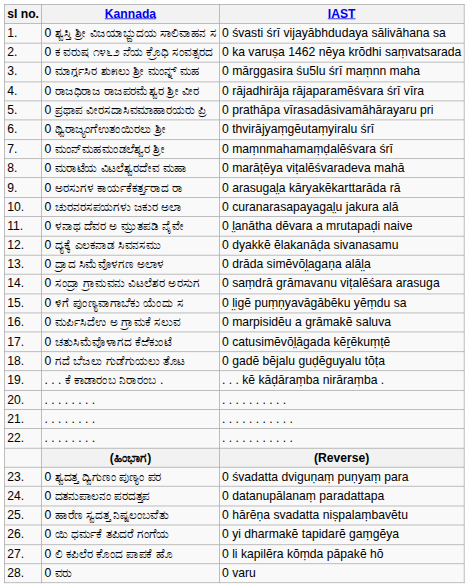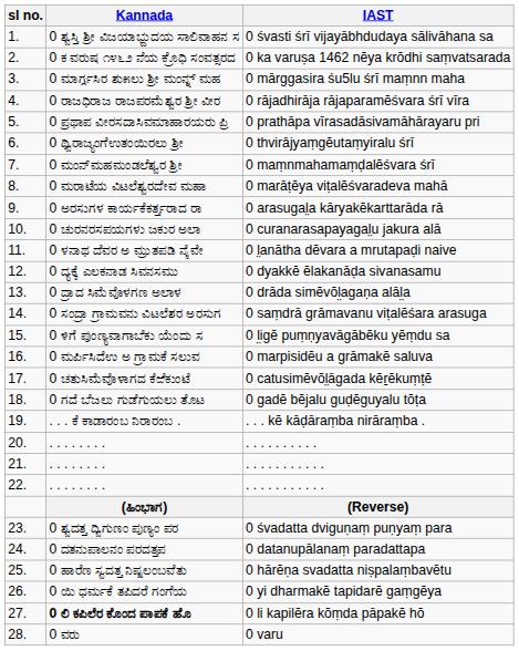 <table class="wikitable">
 <tr>
 <th>sl no.</th>
 <th><a href='#'>Kannada</a></th>
 <th><a href='#'>IAST</a></th>
 </tr>
 <tr>
 <td>1.</td>
 <td>0 ಶ್ವಸ್ತಿ ಶ್ರೀ ವಿಜಯಾಭ್ದುದಯ ಸಾಲಿವಾಹನ ಸ</td>
 <td>0 śvasti śrī vijayābhdudaya sālivāhana sa</td>
 </tr>
 <tr>
 <td>2.</td>
 <td>0 ಕ ವರುಷ ೧೪೬೨ ನೆಯ ಕ್ರೊಧಿ ಸಂವತ್ಸರದ</td>
 <td>0 ka varuṣa 1462 nĕya krŏdhi saṃvatsarada</td>
 </tr>
 <tr>
 <td>3.</td>
 <td>0 ಮಾರ್ಗ್ಗಸಿರ ಶು೫ಲು ಶ್ರೀ ಮಂನ್ನ್ ಮಹ</td>
 <td>0 mārggasira śu5lu śrī maṃnn maha</td>
 </tr>
 <tr>
 <td>4.</td>
 <td>0 ರಾಜಧಿರಾಜ ರಾಜಪರಮೆಶ್ವರ ಶ್ರೀ ವೀರ</td>
 <td>0 rājadhirāja rājaparamĕśvara śrī vīra</td>
 </tr>
 <tr>
 <td>5.</td>
 <td>0 ಪ್ರಥಾಪ ವೀರಸದಾಸಿವಮಾಹಾರಯರು ಪ್ರಿ</td>
 <td>0 prathāpa vīrasadāsivamāhārayaru pri</td>
 </tr>
 <tr>
 <td>6.</td>
 <td>0 ‌ಥ್ವಿರಾಜ್ಯಂಗೆಉತಂಯಿರಲು ಶ್ರೀ</td>
 <td>0 thvirājyaṃgĕutaṃyiralu śrī</td>
 </tr>
 <tr>
 <td>7.</td>
 <td>0 ಮಂನ್‌ಮಹಮಂಡಲೆಶ್ವರ ಶ್ರೀ</td>
 <td>0 maṃnmahamaṃḍalĕśvara śrī</td>
 </tr>
 <tr>
 <td>8.</td>
 <td>0 ಮರಾಟೆಯ ವಿಟಲೆಶ್ವರದೇವ ಮಹಾ</td>
 <td>0 marāṭĕya viṭalĕśvaradeva mahā</td>
 </tr>
 <tr>
 <td>9.</td>
 <td>0 ಅರಸುಗಳ ಕಾರ್ಯಕೆಕರ್ತ್ತರಾದ ರಾ</td>
 <td>0 arasugal̤a kāryakĕkarttarāda rā</td>
 </tr>
 <tr>
 <td>10.</td>
 <td>0 ಚುರನರಸಪಯಗಳು ಜಕುರ ಅಲಾ</td>
 <td>0 curanarasapayagal̤u jakura alā</td>
 </tr>
 <tr>
 <td>11.</td>
 <td>0 ಳನಾಥ ದೆವರ ಅ ಮ್ರುತಪಡಿ ನೈವೇ</td>
 <td>0 l̤anātha dĕvara a mrutapaḍi naive</td>
 </tr>
 <tr>
 <td>12.</td>
 <td>0 ದ್ಯಕ್ಕೆ ಎಲಕನಾಡ ಸಿವನಸಮು</td>
 <td>0 dyakkĕ ĕlakanāḍa sivanasamu</td>
 </tr>
 <tr>
 <td>13.</td>
 <td>0 ದ್ರಾದ ಸಿಮೆವೊಳಗಣ ಅಲಾಳ</td>
 <td>0 drāda simĕvŏl̤agaṇa alāl̤a</td>
 </tr>
 <tr>
 <td>14.</td>
 <td>0 ಸಂದ್ರಾ ಗ್ರಾಮವನು ವಿಟಲೆಶರ ಅರಸುಗ</td>
 <td>0 saṃdrā grāmavanu viṭalĕśara arasuga</td>
 </tr>
 <tr>
 <td>15.</td>
 <td>0 ಳಿಗೆ ಪುಂಣ್ಯವಾಗಾಬೆಕು ಯೆಂದು ಸ</td>
 <td>0 l̤igĕ puṃṇyavāgābĕku yĕṃdu sa</td>
 </tr>
 <tr>
 <td>16.</td>
 <td>0 ಮರ್ಪಿಸಿದೆಉ ಅ ಗ್ರಾಮಕೆ ಸಲುವ</td>
 <td>0 marpisidĕu a grāmakĕ saluva</td>
 </tr>
 <tr>
 <td>17.</td>
 <td>0 ಚತುಸಿಮೆವೊಳಾಗದ ಕೆಱೆಕುಂಟೆ</td>
 <td>0 catusimĕvŏl̤āgada kĕṟĕkuṃṭĕ</td>
 </tr>
 <tr>
 <td>18.</td>
 <td>0 ಗದೆ ಬೆಜಲು ಗುಡೆಗುಯಲು ತೊಟ</td>
 <td>0 gadĕ bĕjalu guḍĕguyalu tŏṭa</td>
 </tr>
 <tr>
 <td>19.</td>
 <td>. . . ಕೆ ಕಾಡಾರಂಬ ನಿರಾರಂಬ .</td>
 <td>. . . kĕ kāḍāraṃba nirāraṃba .</td>
 </tr>
 <tr>
 <td>20.</td>
 <td>. . . . . . . .</td>
 <td>. . . . . . . .  . .</td>
 </tr>
 <tr>
 <td>21.</td>
 <td>. . . . . . . .</td>
 <td>. . . . . . . . . . .</td>
 </tr>
 <tr>
 <td>22.</td>
 <td>. . . . . . . .</td>
 <td>. . . . . . . . . . .</td>
 </tr>
 <tr>
 <td></td>
 <th><strong>(ಹಿಂಭಾಗ)</strong></th>
 <th>(Reverse)</th>
 </tr>
 <tr>
 <td>23.</td>
 <td>0 ಶ್ವದತ್ತ ದ್ವಿಗುಣಂ ಪುಣ್ಯಂ ಪರ</td>
 <td>0 śvadatta dviguṇaṃ puṇyaṃ para</td>
 </tr>
 <tr>
 <td>24.</td>
 <td>0 ದತನುಪಾಲನಂ ಪರದತ್ತಪ</td>
 <td>0 datanupālanaṃ paradattapa</td>
 </tr>
 <tr>
 <td>25.</td>
 <td>0 ಹಾರೆಣ ಸ್ವದತ್ತ ನಿಷ್ಪಲಂಬವೆತು</td>
 <td>0 hārĕṇa svadatta niṣpalaṃbavĕtu</td>
 </tr>
 <tr>
 <td>26.</td>
 <td>0 ಯಿ ಧರ್ಮಕೆ ತಪಿದರೆ ಗಂಗೆಯ</td>
 <td>0 yi dharmakĕ tapidarĕ gaṃgĕya</td>
 </tr>
 <tr>
 <td>27.</td>
-<td>0 ಲಿ ಕಪಿಲೆರ ಕೊಂದ ಪಾಪಕೆ ಹೊ</td>
+<td><strong>0 ಲಿ ಕಪಿಲೆರ ಕೊಂದ ಪಾಪಕೆ ಹೊ</strong></td>
 <td>0 li kapilĕra kŏṃda pāpakĕ hŏ</td>
 </tr>
 <tr>
 <td>28.</td>
 <td>0 ವರು</td>
 <td>0 varu</td>
 </tr>
 </table>
